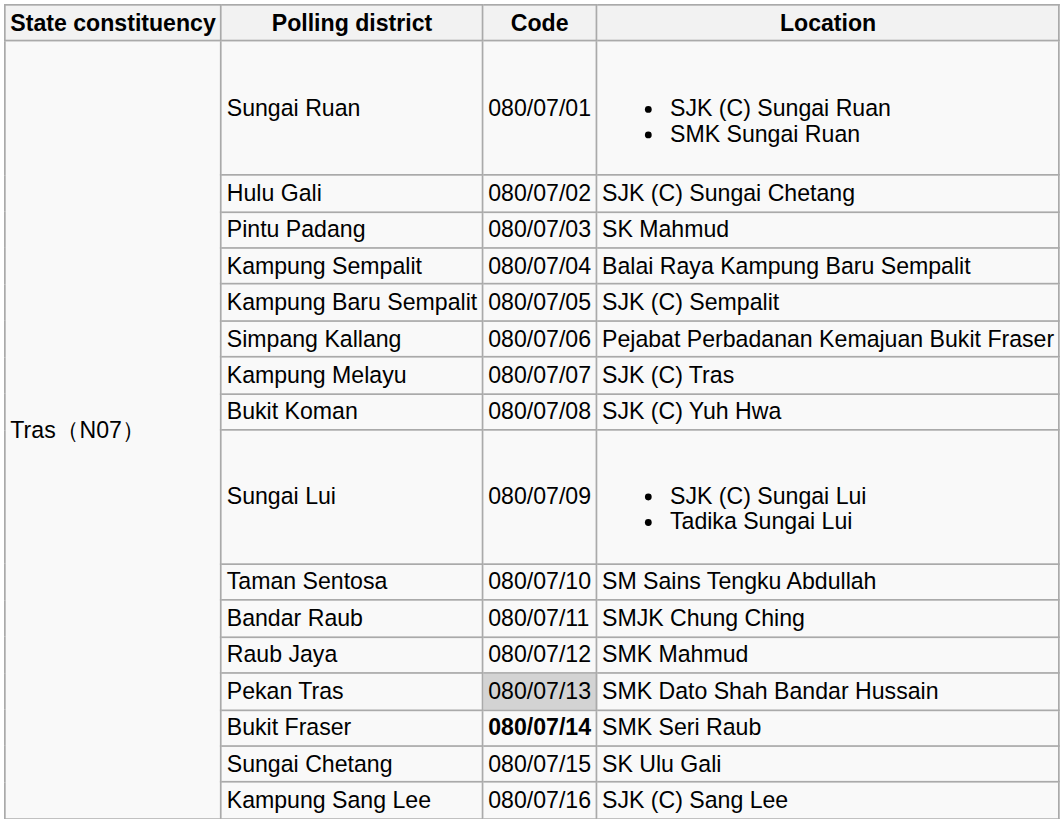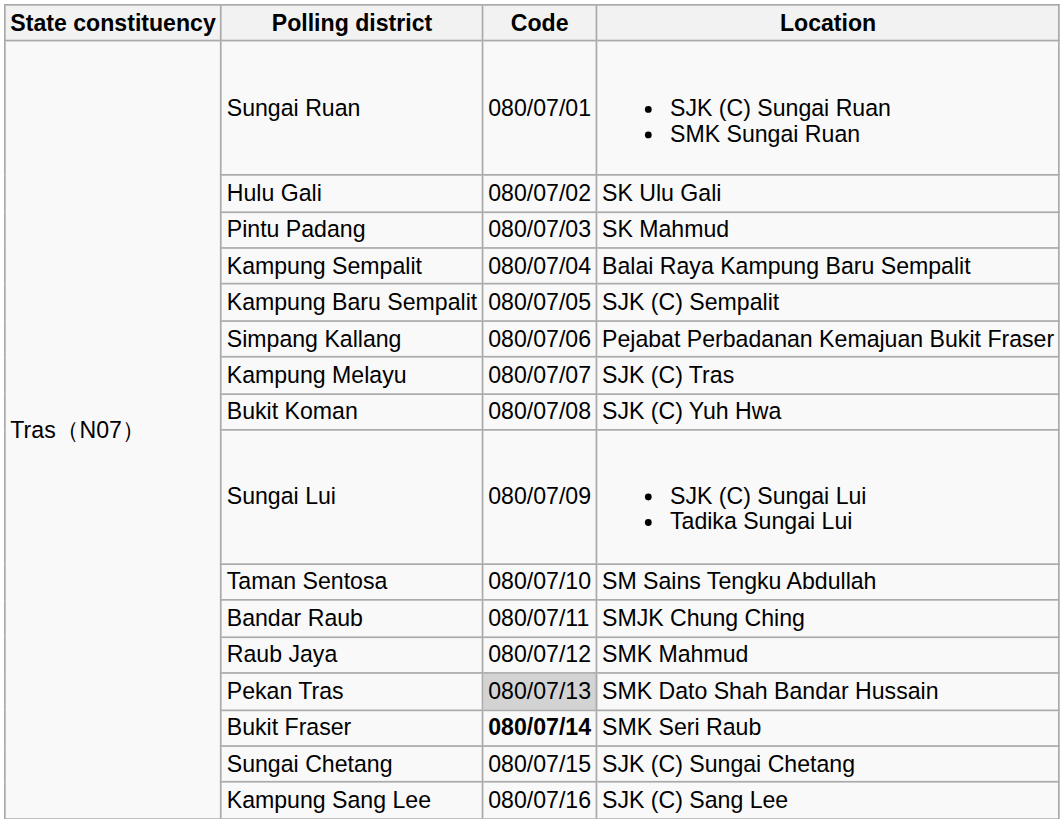 <table class="wikitable sortable mw-collapsible" style="white-space:nowrap;font-size:85%">
 <tr>
 <th>State constituency</th>
 <th>Polling district</th>
 <th>Code</th>
 <th>Location</th>
 </tr>
 <tr>
 <td rowspan="16">Tras（N07）</td>
 <td>Sungai Ruan</td>
 <td>080/07/01</td>
 <td><br><ul><li>SJK (C) Sungai Ruan</li><li>SMK Sungai Ruan</li></ul></td>
 </tr>
 <tr>
 <td>Hulu Gali</td>
 <td>080/07/02</td>
-<td>SJK (C) Sungai Chetang</td>
+<td>SK Ulu Gali</td>
 </tr>
 <tr>
 <td>Pintu Padang</td>
 <td>080/07/03</td>
 <td>SK Mahmud</td>
 </tr>
 <tr>
 <td>Kampung Sempalit</td>
 <td>080/07/04</td>
 <td>Balai Raya Kampung Baru Sempalit</td>
 </tr>
 <tr>
 <td>Kampung Baru Sempalit</td>
 <td>080/07/05</td>
 <td>SJK (C) Sempalit</td>
 </tr>
 <tr>
 <td>Simpang Kallang</td>
 <td>080/07/06</td>
 <td>Pejabat Perbadanan Kemajuan Bukit Fraser</td>
 </tr>
 <tr>
 <td>Kampung Melayu</td>
 <td>080/07/07</td>
 <td>SJK (C) Tras</td>
 </tr>
 <tr>
 <td>Bukit Koman</td>
 <td>080/07/08</td>
 <td>SJK (C) Yuh Hwa</td>
 </tr>
 <tr>
 <td>Sungai Lui</td>
 <td>080/07/09</td>
 <td><br><ul><li>SJK (C) Sungai Lui</li><li>Tadika Sungai Lui</li></ul></td>
 </tr>
 <tr>
 <td>Taman Sentosa</td>
 <td>080/07/10</td>
 <td>SM Sains Tengku Abdullah</td>
 </tr>
 <tr>
 <td>Bandar Raub</td>
 <td>080/07/11</td>
 <td>SMJK Chung Ching</td>
 </tr>
 <tr>
 <td>Raub Jaya</td>
 <td>080/07/12</td>
 <td>SMK Mahmud</td>
 </tr>
 <tr>
 <td>Pekan Tras</td>
 <td style="background: lightgrey;">080/07/13</td>
 <td>SMK Dato Shah Bandar Hussain</td>
 </tr>
 <tr>
 <td>Bukit Fraser</td>
 <td><strong>080/07/14</strong></td>
 <td>SMK Seri Raub</td>
 </tr>
 <tr>
 <td>Sungai Chetang</td>
 <td>080/07/15</td>
-<td>SK Ulu Gali</td>
+<td>SJK (C) Sungai Chetang</td>
 </tr>
 <tr>
 <td>Kampung Sang Lee</td>
 <td>080/07/16</td>
 <td>SJK (C) Sang Lee</td>
 </tr>
 </table>
